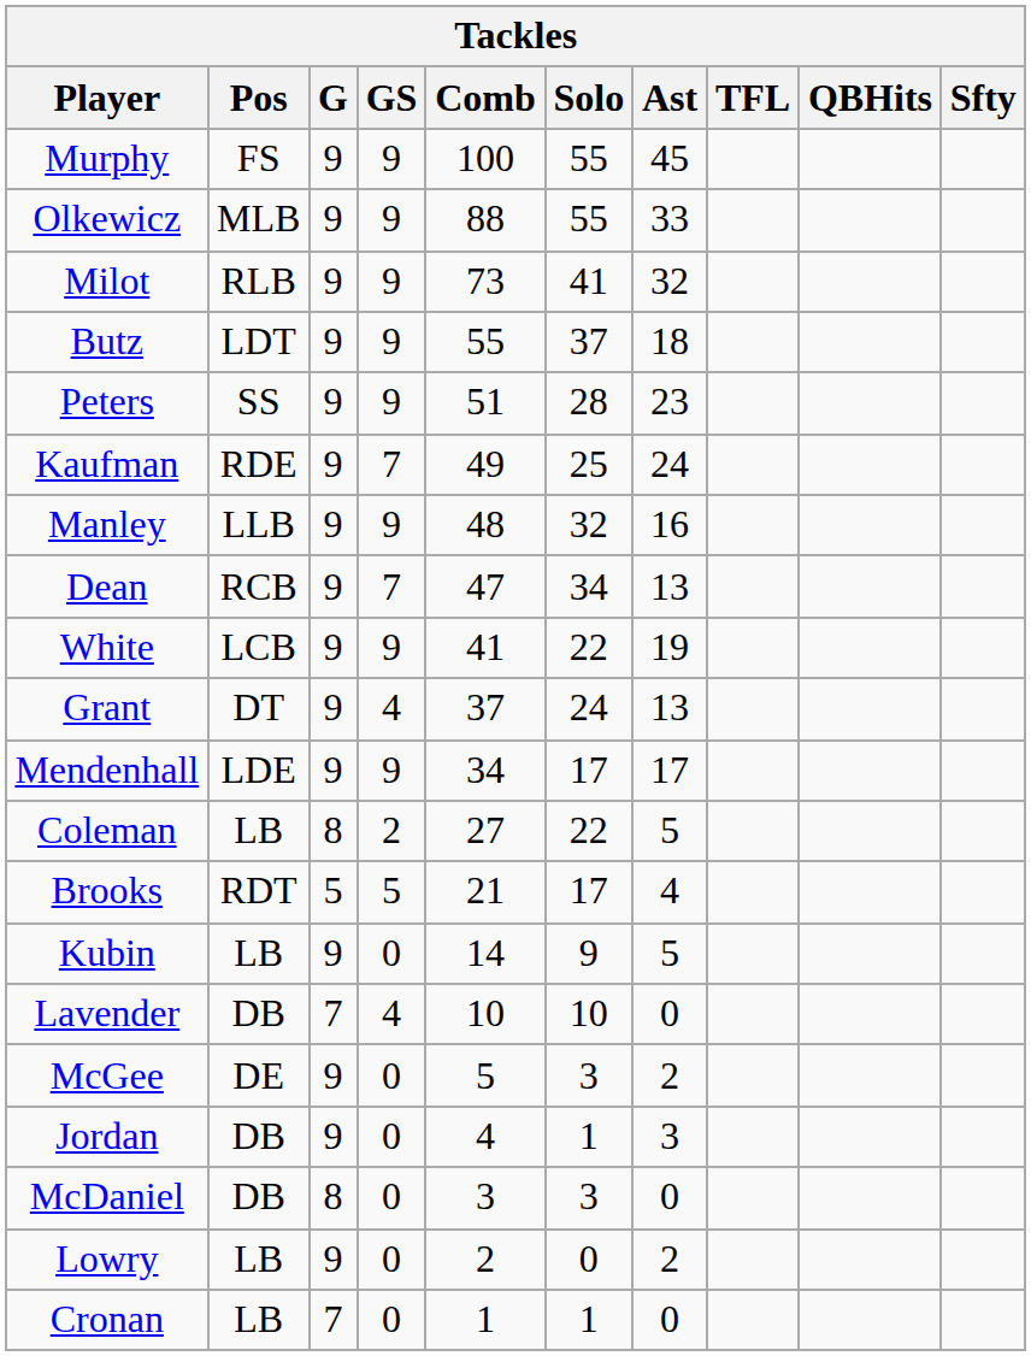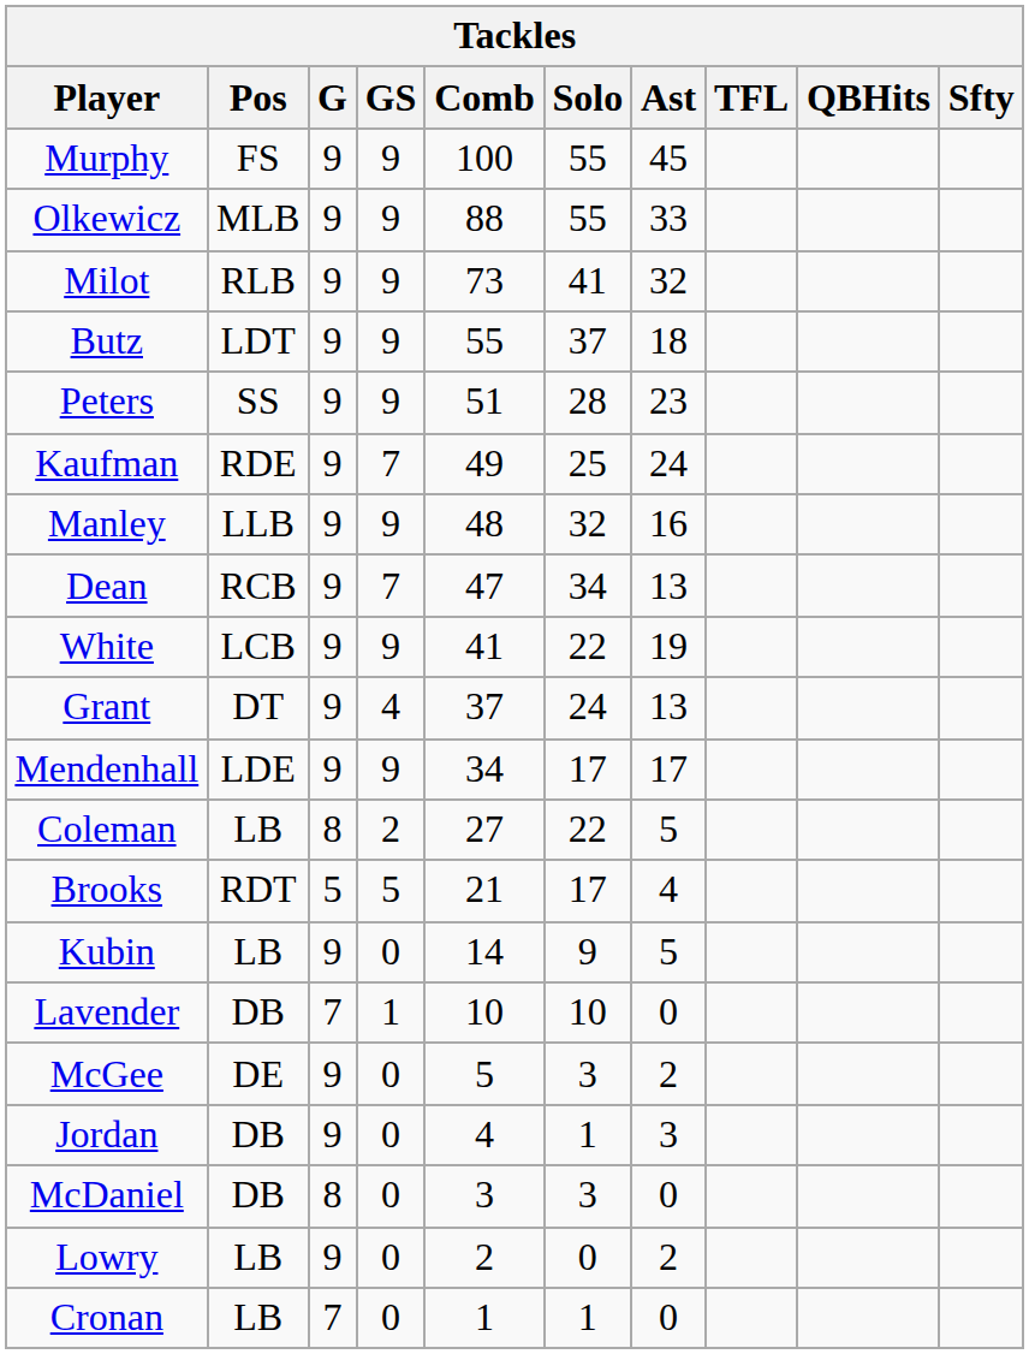 <table class="wikitable" style="text-align:center">
 <tr>
 <th colspan="10">Tackles</th>
 </tr>
 <tr>
 <th>Player</th>
 <th>Pos</th>
 <th>G</th>
 <th>GS</th>
 <th>Comb</th>
 <th>Solo</th>
 <th>Ast</th>
 <th>TFL</th>
 <th>QBHits</th>
 <th>Sfty</th>
 </tr>
 <tr>
 <td><a href='#'>Murphy</a></td>
 <td>FS</td>
 <td>9</td>
 <td>9</td>
 <td>100</td>
 <td>55</td>
 <td>45</td>
 <td></td>
 <td></td>
 <td></td>
 </tr>
 <tr>
 <td><a href='#'>Olkewicz</a></td>
 <td>MLB</td>
 <td>9</td>
 <td>9</td>
 <td>88</td>
 <td>55</td>
 <td>33</td>
 <td></td>
 <td></td>
 <td></td>
 </tr>
 <tr>
 <td><a href='#'>Milot</a></td>
 <td>RLB</td>
 <td>9</td>
 <td>9</td>
 <td>73</td>
 <td>41</td>
 <td>32</td>
 <td></td>
 <td></td>
 <td></td>
 </tr>
 <tr>
 <td><a href='#'>Butz</a></td>
 <td>LDT</td>
 <td>9</td>
 <td>9</td>
 <td>55</td>
 <td>37</td>
 <td>18</td>
 <td></td>
 <td></td>
 <td></td>
 </tr>
 <tr>
 <td><a href='#'>Peters</a></td>
 <td>SS</td>
 <td>9</td>
 <td>9</td>
 <td>51</td>
 <td>28</td>
 <td>23</td>
 <td></td>
 <td></td>
 <td></td>
 </tr>
 <tr>
 <td><a href='#'>Kaufman</a></td>
 <td>RDE</td>
 <td>9</td>
 <td>7</td>
 <td>49</td>
 <td>25</td>
 <td>24</td>
 <td></td>
 <td></td>
 <td></td>
 </tr>
 <tr>
 <td><a href='#'>Manley</a></td>
 <td>LLB</td>
 <td>9</td>
 <td>9</td>
 <td>48</td>
 <td>32</td>
 <td>16</td>
 <td></td>
 <td></td>
 <td></td>
 </tr>
 <tr>
 <td><a href='#'>Dean</a></td>
 <td>RCB</td>
 <td>9</td>
 <td>7</td>
 <td>47</td>
 <td>34</td>
 <td>13</td>
 <td></td>
 <td></td>
 <td></td>
 </tr>
 <tr>
 <td><a href='#'>White</a></td>
 <td>LCB</td>
 <td>9</td>
 <td>9</td>
 <td>41</td>
 <td>22</td>
 <td>19</td>
 <td></td>
 <td></td>
 <td></td>
 </tr>
 <tr>
 <td><a href='#'>Grant</a></td>
 <td>DT</td>
 <td>9</td>
 <td>4</td>
 <td>37</td>
 <td>24</td>
 <td>13</td>
 <td></td>
 <td></td>
 <td></td>
 </tr>
 <tr>
 <td><a href='#'>Mendenhall</a></td>
 <td>LDE</td>
 <td>9</td>
 <td>9</td>
 <td>34</td>
 <td>17</td>
 <td>17</td>
 <td></td>
 <td></td>
 <td></td>
 </tr>
 <tr>
 <td><a href='#'>Coleman</a></td>
 <td>LB</td>
 <td>8</td>
 <td>2</td>
 <td>27</td>
 <td>22</td>
 <td>5</td>
 <td></td>
 <td></td>
 <td></td>
 </tr>
 <tr>
 <td><a href='#'>Brooks</a></td>
 <td>RDT</td>
 <td>5</td>
 <td>5</td>
 <td>21</td>
 <td>17</td>
 <td>4</td>
 <td></td>
 <td></td>
 <td></td>
 </tr>
 <tr>
 <td><a href='#'>Kubin</a></td>
 <td>LB</td>
 <td>9</td>
 <td>0</td>
 <td>14</td>
 <td>9</td>
 <td>5</td>
 <td></td>
 <td></td>
 <td></td>
 </tr>
 <tr>
 <td><a href='#'>Lavender</a></td>
 <td>DB</td>
 <td>7</td>
-<td>4</td>
+<td>1</td>
 <td>10</td>
 <td>10</td>
 <td>0</td>
 <td></td>
 <td></td>
 <td></td>
 </tr>
 <tr>
 <td><a href='#'>McGee</a></td>
 <td>DE</td>
 <td>9</td>
 <td>0</td>
 <td>5</td>
 <td>3</td>
 <td>2</td>
 <td></td>
 <td></td>
 <td></td>
 </tr>
 <tr>
 <td><a href='#'>Jordan</a></td>
 <td>DB</td>
 <td>9</td>
 <td>0</td>
 <td>4</td>
 <td>1</td>
 <td>3</td>
 <td></td>
 <td></td>
 <td></td>
 </tr>
 <tr>
 <td><a href='#'>McDaniel</a></td>
 <td>DB</td>
 <td>8</td>
 <td>0</td>
 <td>3</td>
 <td>3</td>
 <td>0</td>
 <td></td>
 <td></td>
 <td></td>
 </tr>
 <tr>
 <td><a href='#'>Lowry</a></td>
 <td>LB</td>
 <td>9</td>
 <td>0</td>
 <td>2</td>
 <td>0</td>
 <td>2</td>
 <td></td>
 <td></td>
 <td></td>
 </tr>
 <tr>
 <td><a href='#'>Cronan</a></td>
 <td>LB</td>
 <td>7</td>
 <td>0</td>
 <td>1</td>
 <td>1</td>
 <td>0</td>
 <td></td>
 <td></td>
 <td></td>
 </tr>
 </table>
